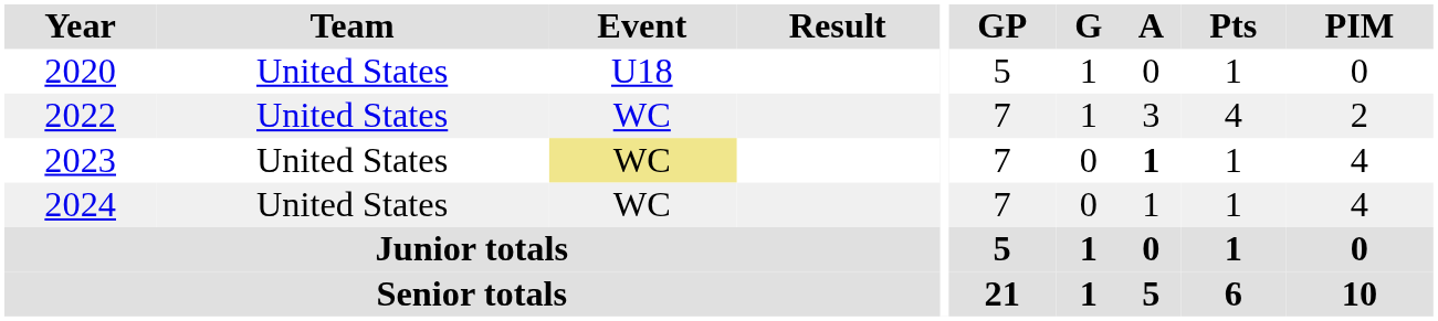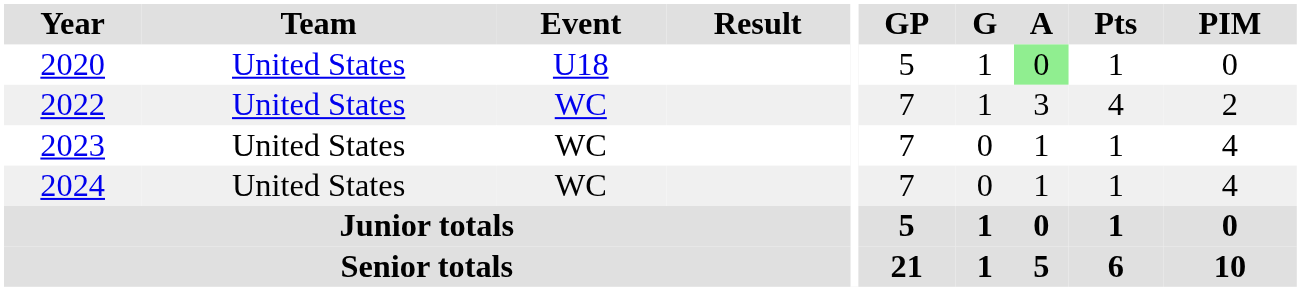 <table border="0" cellpadding="1" cellspacing="0" ID="Table3" style="text-align:center; width:40em">
 <tr ALIGN="center" bgcolor="#e0e0e0">
 <th>Year</th>
 <th>Team</th>
 <th>Event</th>
 <th>Result</th>
 <th rowspan="99" bgcolor="#ffffff"></th>
 <th>GP</th>
 <th>G</th>
 <th>A</th>
 <th>Pts</th>
 <th>PIM</th>
 </tr>
 <tr>
 <td><a href='#'>2020</a></td>
 <td><a href='#'>United States</a></td>
 <td><a href='#'>U18</a></td>
 <td></td>
 <td>5</td>
 <td>1</td>
-<td>0</td>
+<td style="background: lightgreen;">0</td>
 <td>1</td>
 <td>0</td>
 </tr>
 <tr bgcolor="#f0f0f0">
 <td><a href='#'>2022</a></td>
 <td><a href='#'>United States</a></td>
 <td><a href='#'>WC</a></td>
 <td></td>
 <td>7</td>
 <td>1</td>
 <td>3</td>
 <td>4</td>
 <td>2</td>
 </tr>
 <tr>
 <td><a href='#'>2023</a></td>
 <td>United States</td>
-<td style="background: khaki;">WC</td>
+<td>WC</td>
 <td></td>
 <td>7</td>
 <td>0</td>
-<td><strong>1</strong></td>
+<td>1</td>
 <td>1</td>
 <td>4</td>
 </tr>
 <tr bgcolor="#f0f0f0">
 <td><a href='#'>2024</a></td>
 <td>United States</td>
 <td>WC</td>
 <td></td>
 <td>7</td>
 <td>0</td>
 <td>1</td>
 <td>1</td>
 <td>4</td>
 </tr>
 <tr bgcolor="#e0e0e0">
 <th colspan="4">Junior totals</th>
 <th>5</th>
 <th>1</th>
 <th>0</th>
 <th>1</th>
 <th>0</th>
 </tr>
 <tr bgcolor="#e0e0e0">
 <th colspan="4">Senior totals</th>
 <th>21</th>
 <th>1</th>
 <th>5</th>
 <th>6</th>
 <th>10</th>
 </tr>
 </table>
